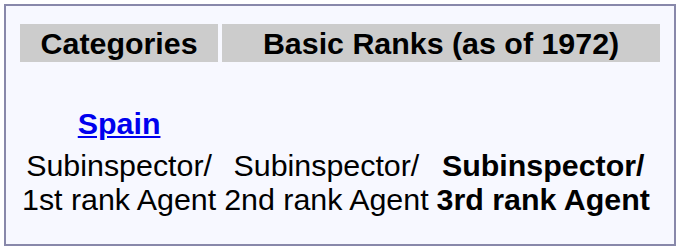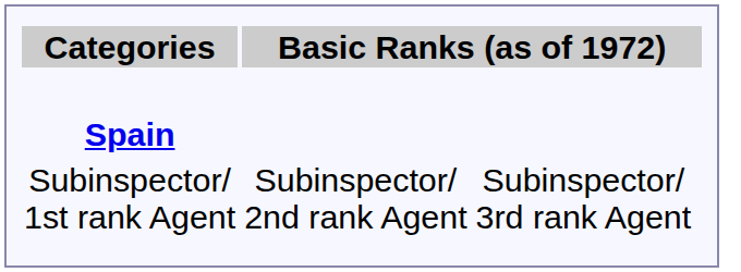 <table style="border:1px solid #8888aa; background-color:#f7f8ff; padding:5px; font-size:95%; margin:0px 12px 12px 0px;">
 <tr>
 </tr>
 <tr bgcolor="#CCCCCC">
 <th><strong>Categories</strong></th>
 <th colspan=3>Basic Ranks (as of 1972)</th>
 </tr>
 <tr>
 </tr>
 <tr>
 <td align="center" rowspan=2><strong><br><a href='#'>Spain</a></strong></td>
 <td align="center" colspan=1></td>
 <td align="center" colspan=1></td>
 <td align="center" colspan=1></td>
 </tr>
 <tr rowspan="2">
 </tr>
 <tr align="center">
 <td align="center" colspan=1>Subinspector/<br>1st rank Agent</td>
 <td align="center" colspan=1>Subinspector/<br>2nd rank Agent</td>
-<td align="center" colspan=1><strong>Subinspector/<br>3rd rank Agent</strong></td>
+<td align="center" colspan=1>Subinspector/<br>3rd rank Agent</td>
 </tr>
 <tr>
 <td colspan=10></td>
 </tr>
 <tr>
 </tr>
 </table>
